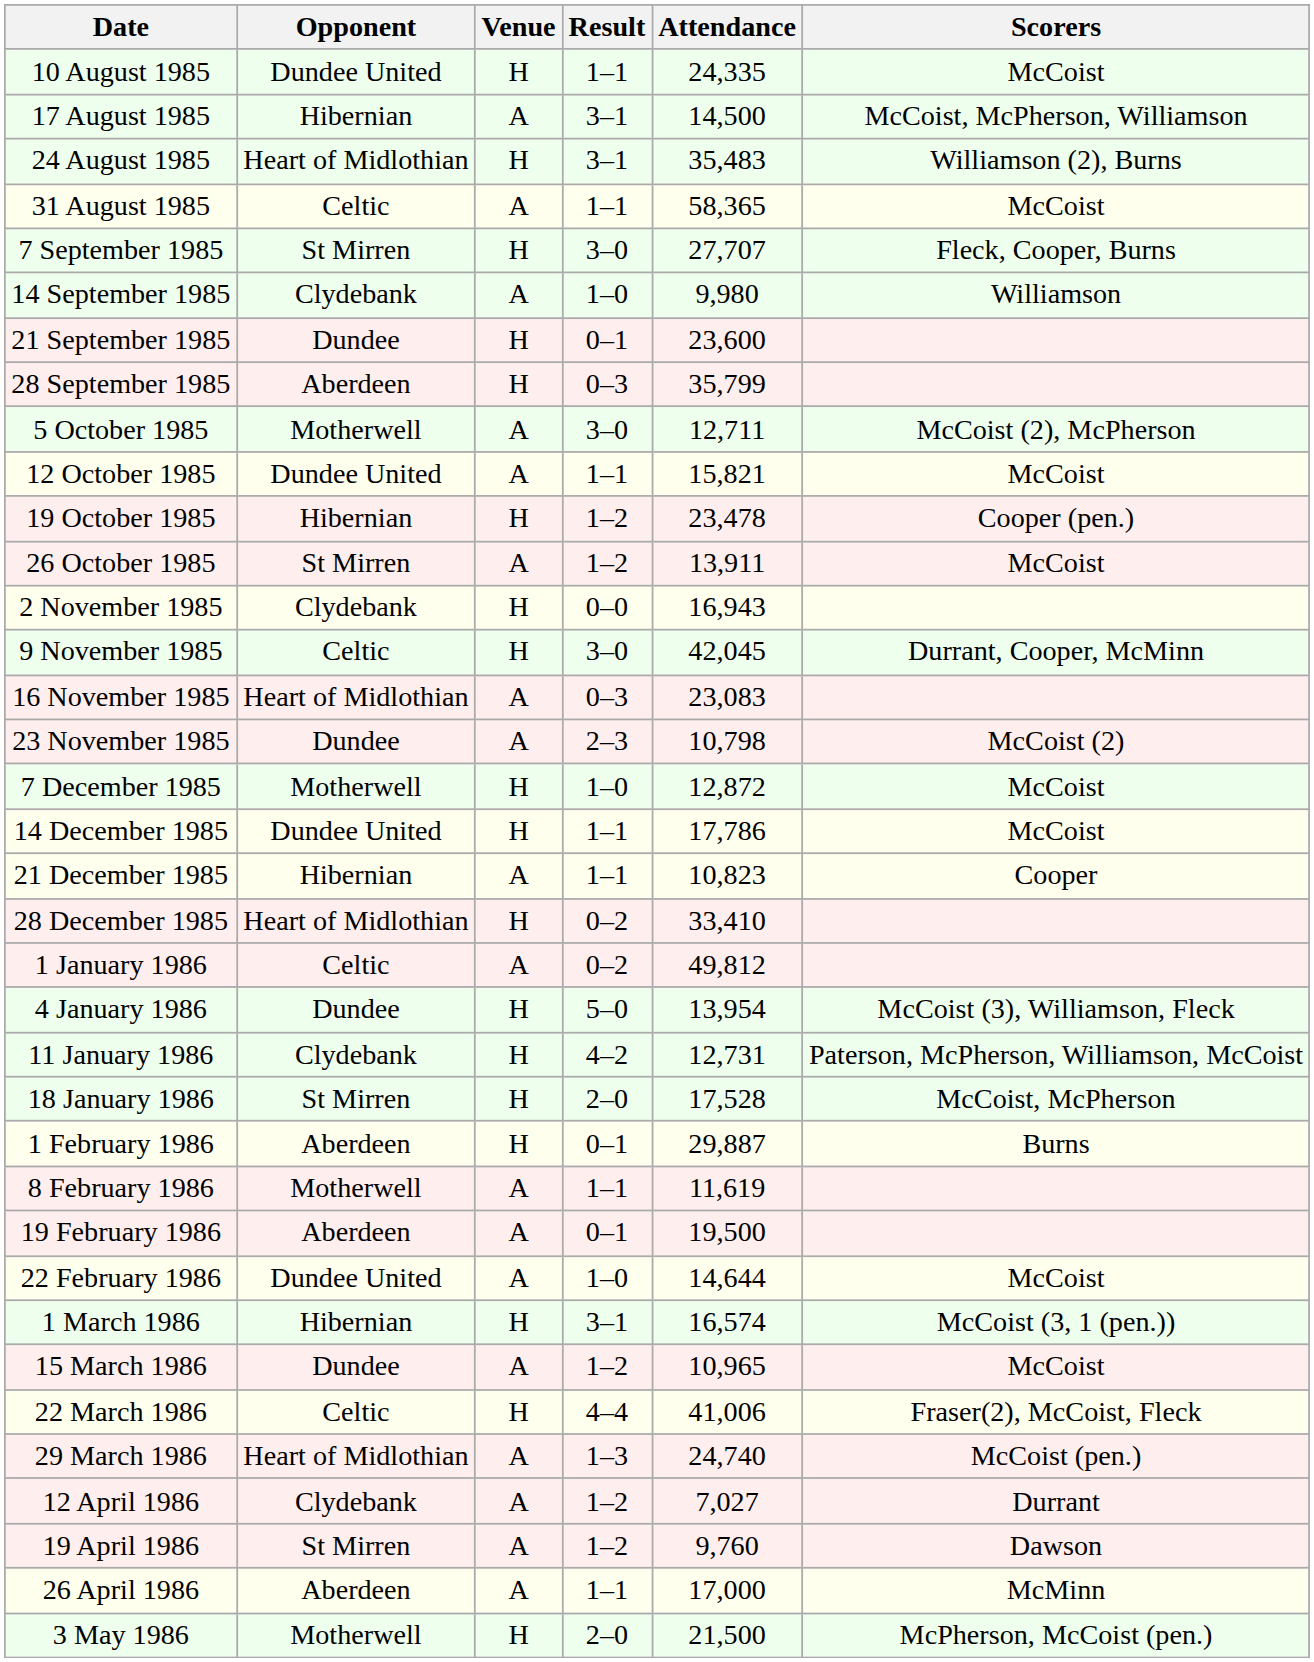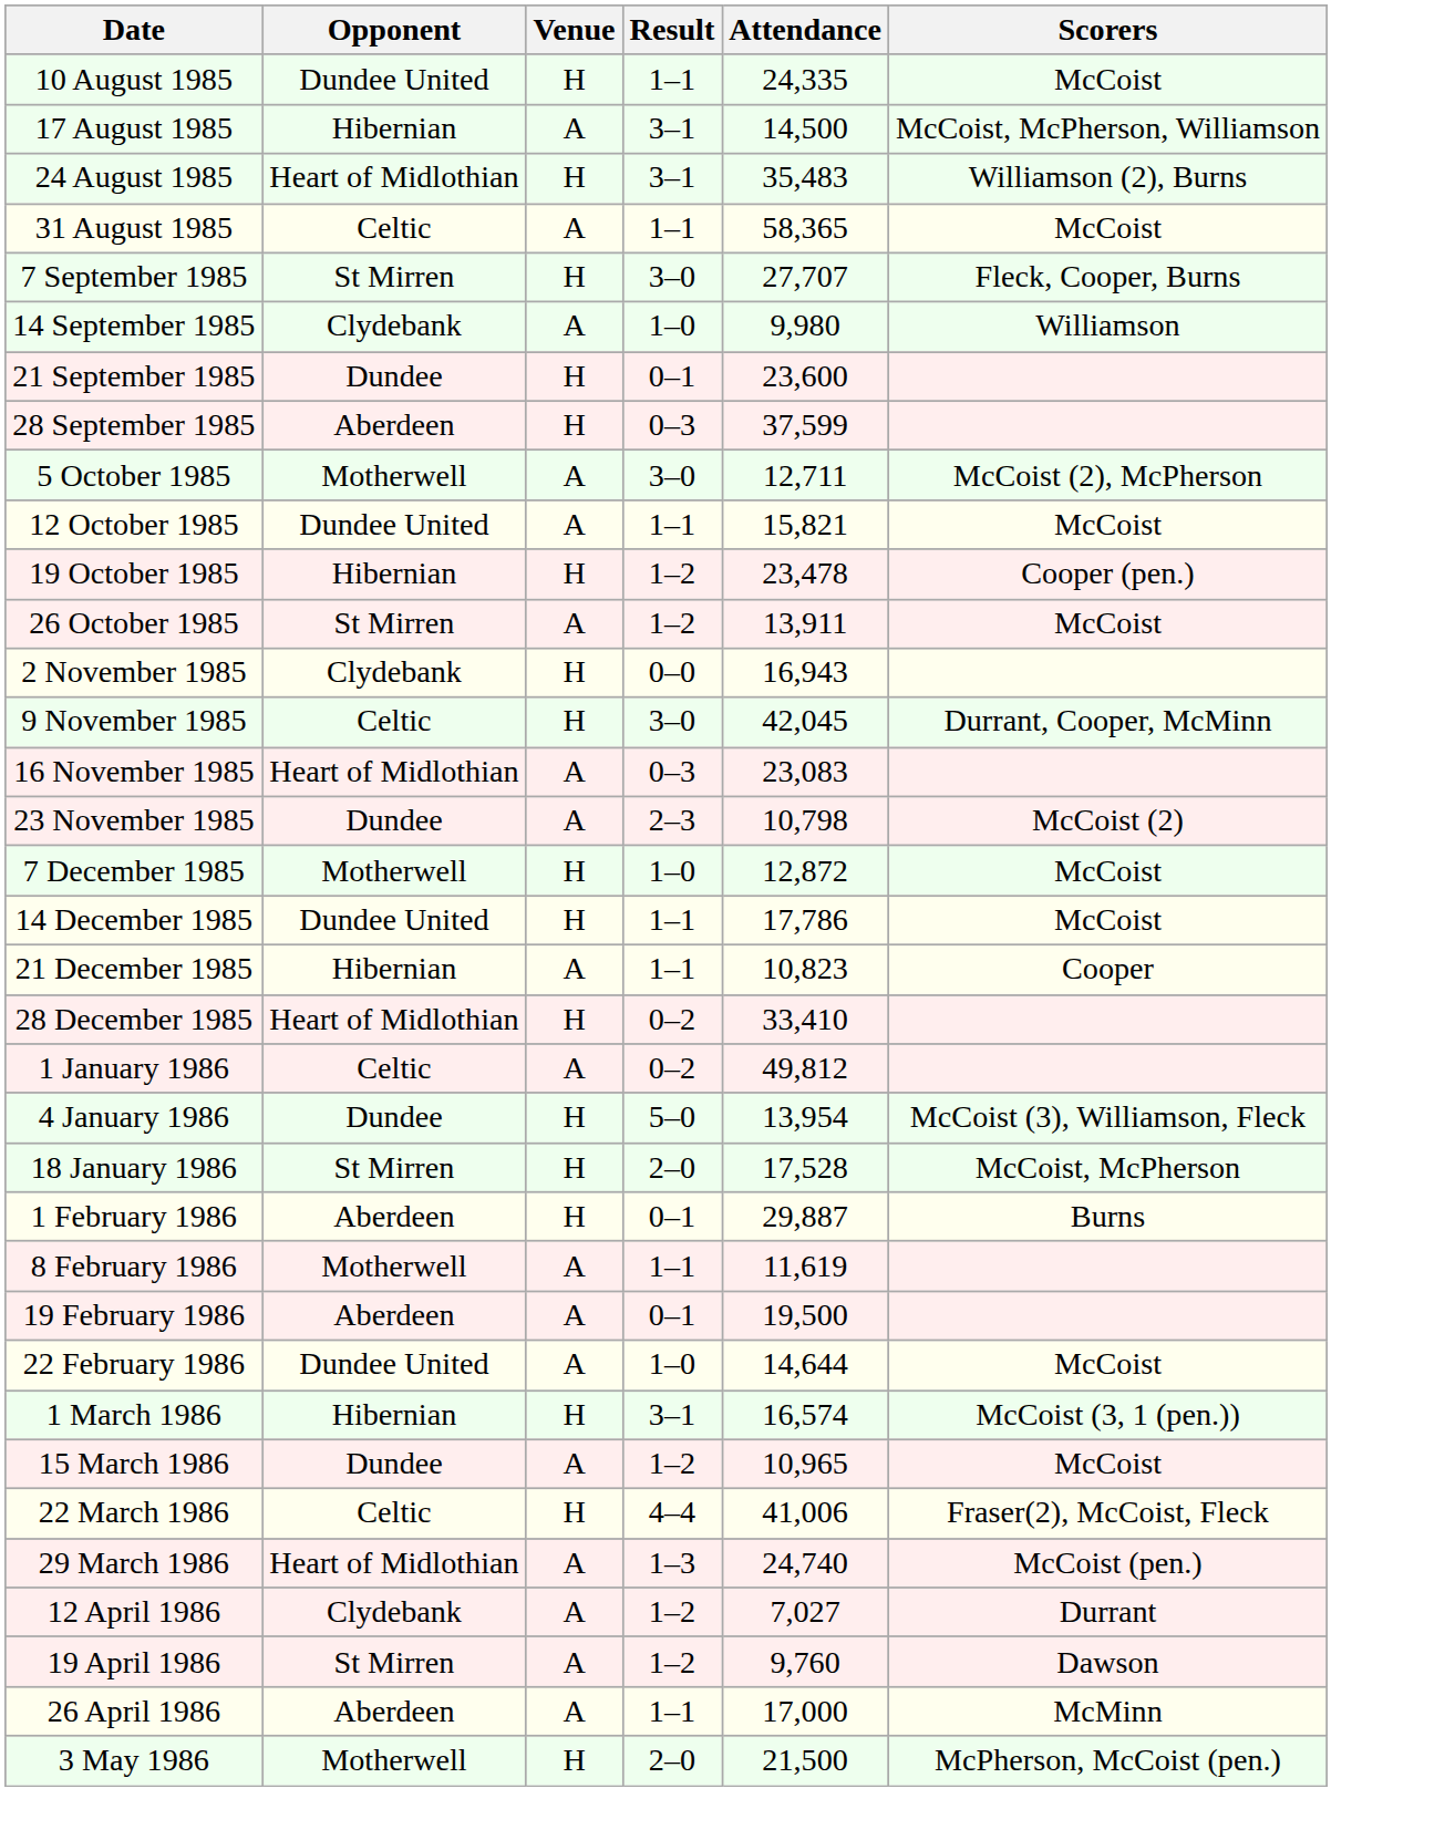 <table class="wikitable sortable" style="font-size:100%; text-align:center">
 <tr>
 <th>Date</th>
 <th>Opponent</th>
 <th>Venue</th>
 <th>Result</th>
 <th>Attendance</th>
 <th>Scorers</th>
 </tr>
 <tr bgcolor = "#EEFFEE">
 <td>10 August 1985</td>
 <td>Dundee United</td>
 <td>H</td>
 <td>1–1</td>
 <td>24,335</td>
 <td>McCoist</td>
 </tr>
 <tr bgcolor = "#EEFFEE">
 <td>17 August 1985</td>
 <td>Hibernian</td>
 <td>A</td>
 <td>3–1</td>
 <td>14,500</td>
 <td>McCoist, McPherson, Williamson</td>
 </tr>
 <tr bgcolor = "#EEFFEE">
 <td>24 August 1985</td>
 <td>Heart of Midlothian</td>
 <td>H</td>
 <td>3–1</td>
 <td>35,483</td>
 <td>Williamson (2), Burns</td>
 </tr>
 <tr bgcolor = "#FFFFEE">
 <td>31 August 1985</td>
 <td>Celtic</td>
 <td>A</td>
 <td>1–1</td>
 <td>58,365</td>
 <td>McCoist</td>
 </tr>
 <tr bgcolor = "#EEFFEE">
 <td>7 September 1985</td>
 <td>St Mirren</td>
 <td>H</td>
 <td>3–0</td>
 <td>27,707</td>
 <td>Fleck, Cooper, Burns</td>
 </tr>
 <tr bgcolor = "#EEFFEE">
 <td>14 September 1985</td>
 <td>Clydebank</td>
 <td>A</td>
 <td>1–0</td>
 <td>9,980</td>
 <td>Williamson</td>
 </tr>
 <tr bgcolor = "#FFEEEE">
 <td>21 September 1985</td>
 <td>Dundee</td>
 <td>H</td>
 <td>0–1</td>
 <td>23,600</td>
 <td></td>
 </tr>
 <tr bgcolor = "#FFEEEE">
 <td>28 September 1985</td>
 <td>Aberdeen</td>
 <td>H</td>
 <td>0–3</td>
-<td>35,799</td>
+<td>37,599</td>
 <td></td>
 </tr>
 <tr bgcolor = "#EEFFEE">
 <td>5 October 1985</td>
 <td>Motherwell</td>
 <td>A</td>
 <td>3–0</td>
 <td>12,711</td>
 <td>McCoist (2), McPherson</td>
 </tr>
 <tr bgcolor = "#FFFFEE">
 <td>12 October 1985</td>
 <td>Dundee United</td>
 <td>A</td>
 <td>1–1</td>
 <td>15,821</td>
 <td>McCoist</td>
 </tr>
 <tr bgcolor = "#FFEEEE">
 <td>19 October 1985</td>
 <td>Hibernian</td>
 <td>H</td>
 <td>1–2</td>
 <td>23,478</td>
 <td>Cooper (pen.)</td>
 </tr>
 <tr bgcolor = "#FFEEEE">
 <td>26 October 1985</td>
 <td>St Mirren</td>
 <td>A</td>
 <td>1–2</td>
 <td>13,911</td>
 <td>McCoist</td>
 </tr>
 <tr bgcolor = "#FFFFEE">
 <td>2 November 1985</td>
 <td>Clydebank</td>
 <td>H</td>
 <td>0–0</td>
 <td>16,943</td>
 <td></td>
 </tr>
 <tr bgcolor = "#EEFFEE">
 <td>9 November 1985</td>
 <td>Celtic</td>
 <td>H</td>
 <td>3–0</td>
 <td>42,045</td>
 <td>Durrant, Cooper, McMinn</td>
 </tr>
 <tr bgcolor="#FFEEEE">
 <td>16 November 1985</td>
 <td>Heart of Midlothian</td>
 <td>A</td>
 <td>0–3</td>
 <td>23,083</td>
 <td></td>
 </tr>
 <tr bgcolor = "#FFEEEE">
 <td>23 November 1985</td>
 <td>Dundee</td>
 <td>A</td>
 <td>2–3</td>
 <td>10,798</td>
 <td>McCoist (2)</td>
 </tr>
 <tr bgcolor = "#EEFFEE">
 <td>7 December 1985</td>
 <td>Motherwell</td>
 <td>H</td>
 <td>1–0</td>
 <td>12,872</td>
 <td>McCoist</td>
 </tr>
 <tr bgcolor = "#FFFFEE">
 <td>14 December 1985</td>
 <td>Dundee United</td>
 <td>H</td>
 <td>1–1</td>
 <td>17,786</td>
 <td>McCoist</td>
 </tr>
 <tr bgcolor = "#FFFFEE">
 <td>21 December 1985</td>
 <td>Hibernian</td>
 <td>A</td>
 <td>1–1</td>
 <td>10,823</td>
 <td>Cooper</td>
 </tr>
 <tr bgcolor = "#FFEEEE">
 <td>28 December 1985</td>
 <td>Heart of Midlothian</td>
 <td>H</td>
 <td>0–2</td>
 <td>33,410</td>
 <td></td>
 </tr>
 <tr bgcolor = "#FFEEEE">
 <td>1 January 1986</td>
 <td>Celtic</td>
 <td>A</td>
 <td>0–2</td>
 <td>49,812</td>
 <td></td>
 </tr>
 <tr bgcolor = "#EEFFEE">
 <td>4 January 1986</td>
 <td>Dundee</td>
 <td>H</td>
 <td>5–0</td>
 <td>13,954</td>
 <td>McCoist (3), Williamson, Fleck</td>
 </tr>
 <tr bgcolor = "#EEFFEE">
-<td>11 January 1986</td>
-<td>Clydebank</td>
-<td>H</td>
-<td>4–2</td>
-<td>12,731</td>
-<td>Paterson, McPherson, Williamson, McCoist</td>
-</tr>
-<tr bgcolor = "#EEFFEE">
 <td>18 January 1986</td>
 <td>St Mirren</td>
 <td>H</td>
 <td>2–0</td>
 <td>17,528</td>
 <td>McCoist, McPherson</td>
 </tr>
 <tr bgcolor = "#FFFFEE">
 <td>1 February 1986</td>
 <td>Aberdeen</td>
 <td>H</td>
 <td>0–1</td>
 <td>29,887</td>
 <td>Burns</td>
 </tr>
 <tr bgcolor = "#FFEEEE">
 <td>8 February 1986</td>
 <td>Motherwell</td>
 <td>A</td>
 <td>1–1</td>
 <td>11,619</td>
 <td></td>
 </tr>
 <tr bgcolor = "#FFEEEE">
 <td>19 February 1986</td>
 <td>Aberdeen</td>
 <td>A</td>
 <td>0–1</td>
 <td>19,500</td>
 <td></td>
 </tr>
 <tr bgcolor = "#FFFFEE">
 <td>22 February 1986</td>
 <td>Dundee United</td>
 <td>A</td>
 <td>1–0</td>
 <td>14,644</td>
 <td>McCoist</td>
 </tr>
 <tr bgcolor = "#EEFFEE">
 <td>1 March 1986</td>
 <td>Hibernian</td>
 <td>H</td>
 <td>3–1</td>
 <td>16,574</td>
 <td>McCoist (3, 1 (pen.))</td>
 </tr>
 <tr bgcolor = "#FFEEEE">
 <td>15 March 1986</td>
 <td>Dundee</td>
 <td>A</td>
 <td>1–2</td>
 <td>10,965</td>
 <td>McCoist</td>
 </tr>
 <tr bgcolor = "#FFFFEE">
 <td>22 March 1986</td>
 <td>Celtic</td>
 <td>H</td>
 <td>4–4</td>
 <td>41,006</td>
 <td>Fraser(2), McCoist, Fleck</td>
 </tr>
 <tr bgcolor = "#FFEEEE">
 <td>29 March 1986</td>
 <td>Heart of Midlothian</td>
 <td>A</td>
 <td>1–3</td>
 <td>24,740</td>
 <td>McCoist (pen.)</td>
 </tr>
 <tr bgcolor = "#FFEEEE">
 <td>12 April 1986</td>
 <td>Clydebank</td>
 <td>A</td>
 <td>1–2</td>
 <td>7,027</td>
 <td>Durrant</td>
 </tr>
 <tr bgcolor = "#FFEEEE">
 <td>19 April 1986</td>
 <td>St Mirren</td>
 <td>A</td>
 <td>1–2</td>
 <td>9,760</td>
 <td>Dawson</td>
 </tr>
 <tr bgcolor = "#FFFFEE">
 <td>26 April 1986</td>
 <td>Aberdeen</td>
 <td>A</td>
 <td>1–1</td>
 <td>17,000</td>
 <td>McMinn</td>
 </tr>
 <tr bgcolor = "#EEFFEE">
 <td>3 May 1986</td>
 <td>Motherwell</td>
 <td>H</td>
 <td>2–0</td>
 <td>21,500</td>
 <td>McPherson, McCoist (pen.)</td>
 </tr>
 </table>
